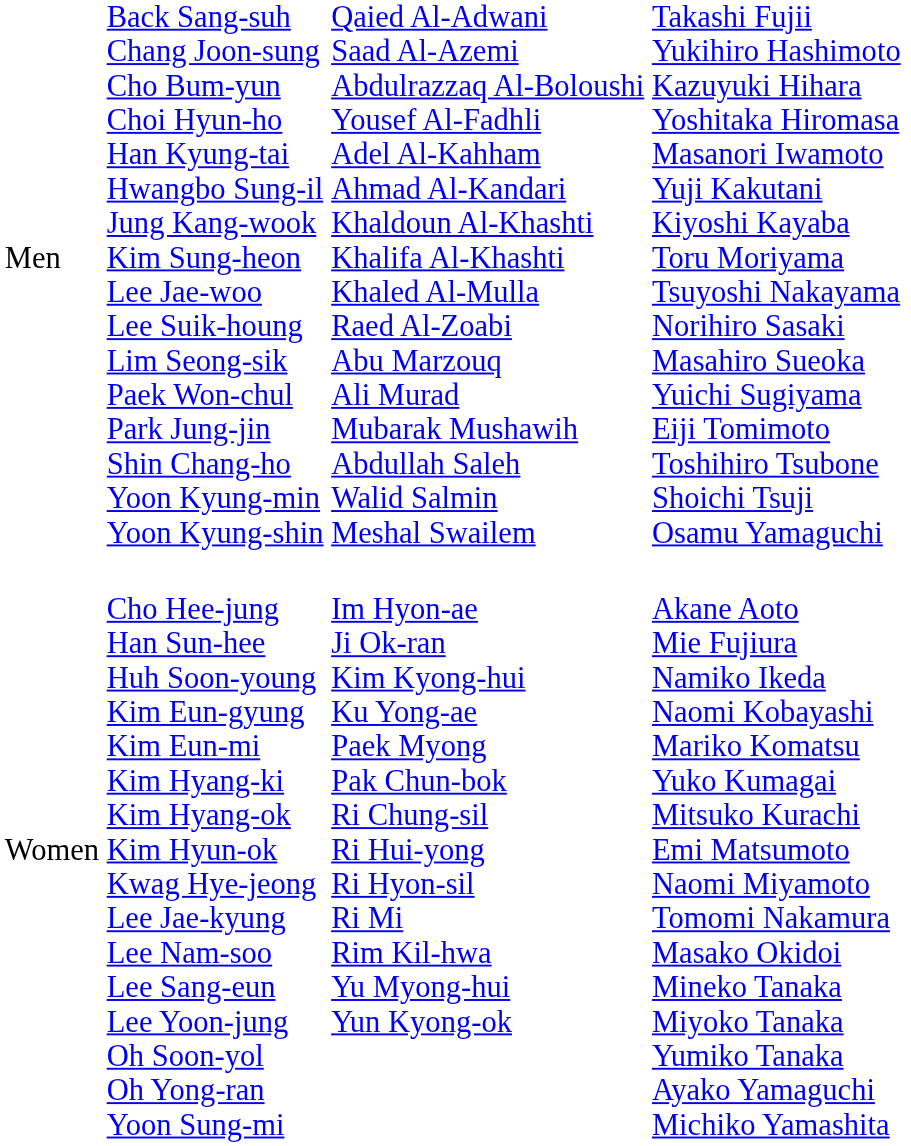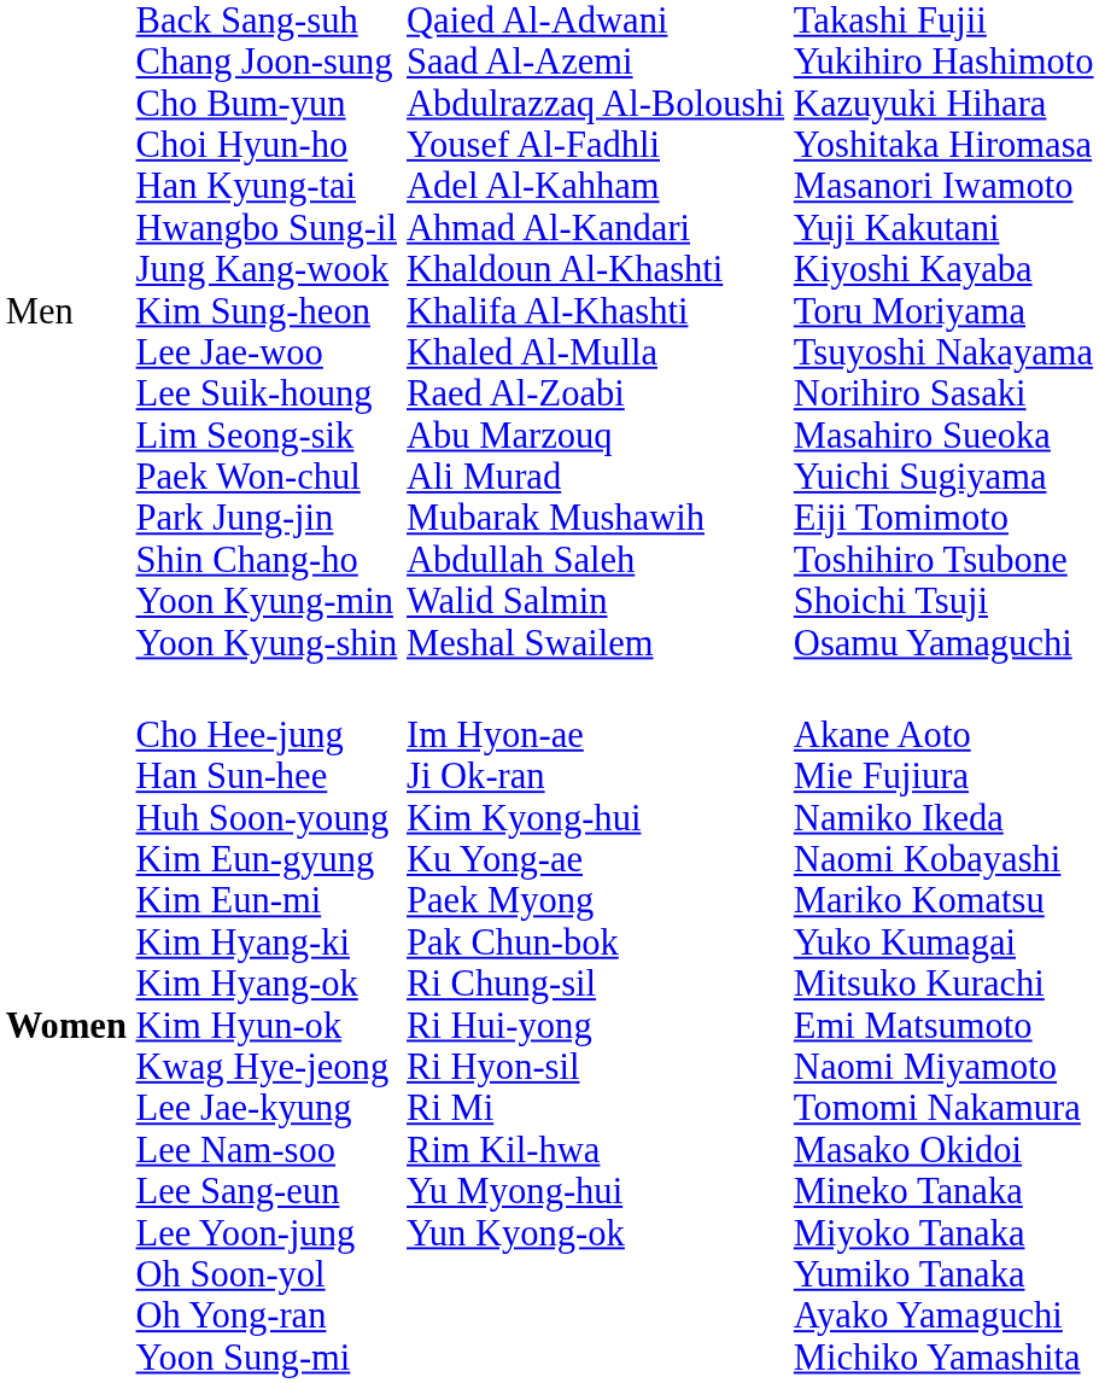 <table>
 <tr>
 <td>Men<br></td>
 <td><br><a href='#'>Back Sang-suh</a><br><a href='#'>Chang Joon-sung</a><br><a href='#'>Cho Bum-yun</a><br><a href='#'>Choi Hyun-ho</a><br><a href='#'>Han Kyung-tai</a><br><a href='#'>Hwangbo Sung-il</a><br><a href='#'>Jung Kang-wook</a><br><a href='#'>Kim Sung-heon</a><br><a href='#'>Lee Jae-woo</a><br><a href='#'>Lee Suik-houng</a><br><a href='#'>Lim Seong-sik</a><br><a href='#'>Paek Won-chul</a><br><a href='#'>Park Jung-jin</a><br><a href='#'>Shin Chang-ho</a><br><a href='#'>Yoon Kyung-min</a><br><a href='#'>Yoon Kyung-shin</a></td>
 <td><br><a href='#'>Qaied Al-Adwani</a><br><a href='#'>Saad Al-Azemi</a><br><a href='#'>Abdulrazzaq Al-Boloushi</a><br><a href='#'>Yousef Al-Fadhli</a><br><a href='#'>Adel Al-Kahham</a><br><a href='#'>Ahmad Al-Kandari</a><br><a href='#'>Khaldoun Al-Khashti</a><br><a href='#'>Khalifa Al-Khashti</a><br><a href='#'>Khaled Al-Mulla</a><br><a href='#'>Raed Al-Zoabi</a><br><a href='#'>Abu Marzouq</a><br><a href='#'>Ali Murad</a><br><a href='#'>Mubarak Mushawih</a><br><a href='#'>Abdullah Saleh</a><br><a href='#'>Walid Salmin</a><br><a href='#'>Meshal Swailem</a></td>
 <td><br><a href='#'>Takashi Fujii</a><br><a href='#'>Yukihiro Hashimoto</a><br><a href='#'>Kazuyuki Hihara</a><br><a href='#'>Yoshitaka Hiromasa</a><br><a href='#'>Masanori Iwamoto</a><br><a href='#'>Yuji Kakutani</a><br><a href='#'>Kiyoshi Kayaba</a><br><a href='#'>Toru Moriyama</a><br><a href='#'>Tsuyoshi Nakayama</a><br><a href='#'>Norihiro Sasaki</a><br><a href='#'>Masahiro Sueoka</a><br><a href='#'>Yuichi Sugiyama</a><br><a href='#'>Eiji Tomimoto</a><br><a href='#'>Toshihiro Tsubone</a><br><a href='#'>Shoichi Tsuji</a><br><a href='#'>Osamu Yamaguchi</a></td>
 </tr>
 <tr>
-<td>Women<br></td>
+<td><strong>Women<br></strong></td>
 <td><br><a href='#'>Cho Hee-jung</a><br><a href='#'>Han Sun-hee</a><br><a href='#'>Huh Soon-young</a><br><a href='#'>Kim Eun-gyung</a><br><a href='#'>Kim Eun-mi</a><br><a href='#'>Kim Hyang-ki</a><br><a href='#'>Kim Hyang-ok</a><br><a href='#'>Kim Hyun-ok</a><br><a href='#'>Kwag Hye-jeong</a><br><a href='#'>Lee Jae-kyung</a><br><a href='#'>Lee Nam-soo</a><br><a href='#'>Lee Sang-eun</a><br><a href='#'>Lee Yoon-jung</a><br><a href='#'>Oh Soon-yol</a><br><a href='#'>Oh Yong-ran</a><br><a href='#'>Yoon Sung-mi</a></td>
 <td valign=top><br><a href='#'>Im Hyon-ae</a><br><a href='#'>Ji Ok-ran</a><br><a href='#'>Kim Kyong-hui</a><br><a href='#'>Ku Yong-ae</a><br><a href='#'>Paek Myong</a><br><a href='#'>Pak Chun-bok</a><br><a href='#'>Ri Chung-sil</a><br><a href='#'>Ri Hui-yong</a><br><a href='#'>Ri Hyon-sil</a><br><a href='#'>Ri Mi</a><br><a href='#'>Rim Kil-hwa</a><br><a href='#'>Yu Myong-hui</a><br><a href='#'>Yun Kyong-ok</a></td>
 <td><br><a href='#'>Akane Aoto</a><br><a href='#'>Mie Fujiura</a><br><a href='#'>Namiko Ikeda</a><br><a href='#'>Naomi Kobayashi</a><br><a href='#'>Mariko Komatsu</a><br><a href='#'>Yuko Kumagai</a><br><a href='#'>Mitsuko Kurachi</a><br><a href='#'>Emi Matsumoto</a><br><a href='#'>Naomi Miyamoto</a><br><a href='#'>Tomomi Nakamura</a><br><a href='#'>Masako Okidoi</a><br><a href='#'>Mineko Tanaka</a><br><a href='#'>Miyoko Tanaka</a><br><a href='#'>Yumiko Tanaka</a><br><a href='#'>Ayako Yamaguchi</a><br><a href='#'>Michiko Yamashita</a></td>
 </tr>
 </table>
